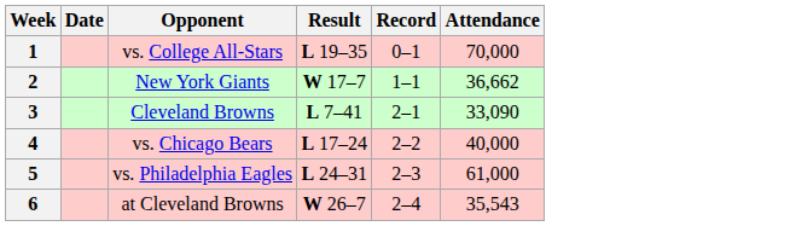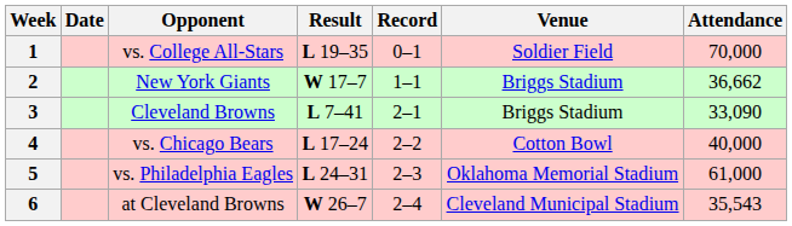 <table class="wikitable" style="text-align:center">
 <tr>
 <th>Week</th>
 <th>Date</th>
 <th>Opponent</th>
 <th>Result</th>
 <th>Record</th>
+<th>Venue</th>
 <th>Attendance</th>
 </tr>
 <tr style="background:#fcc">
 <th>1</th>
 <td></td>
 <td>vs. <a href='#'>College All-Stars</a></td>
 <td><strong>L</strong> 19–35</td>
 <td>0–1</td>
+<td><a href='#'>Soldier Field</a></td>
 <td>70,000</td>
 </tr>
 <tr style="background:#cfc">
 <th>2</th>
 <td></td>
 <td><a href='#'>New York Giants</a></td>
 <td><strong>W</strong> 17–7</td>
 <td>1–1</td>
+<td><a href='#'>Briggs Stadium</a></td>
 <td>36,662</td>
 </tr>
 <tr style="background:#cfc">
 <th>3</th>
 <td></td>
 <td><a href='#'>Cleveland Browns</a></td>
 <td><strong>L</strong> 7–41</td>
 <td>2–1</td>
+<td>Briggs Stadium</td>
 <td>33,090</td>
 </tr>
 <tr style="background:#fcc">
 <th>4</th>
 <td></td>
 <td>vs. <a href='#'>Chicago Bears</a></td>
 <td><strong>L</strong> 17–24</td>
 <td>2–2</td>
+<td><a href='#'>Cotton Bowl</a></td>
 <td>40,000</td>
 </tr>
 <tr style="background:#fcc">
 <th>5</th>
 <td></td>
 <td>vs. <a href='#'>Philadelphia Eagles</a></td>
 <td><strong>L</strong> 24–31</td>
 <td>2–3</td>
+<td><a href='#'>Oklahoma Memorial Stadium</a></td>
 <td>61,000</td>
 </tr>
 <tr style="background:#fcc">
 <th>6</th>
 <td></td>
 <td>at Cleveland Browns</td>
 <td><strong>W</strong> 26–7</td>
 <td>2–4</td>
+<td><a href='#'>Cleveland Municipal Stadium</a></td>
 <td>35,543</td>
 </tr>
 </table>
